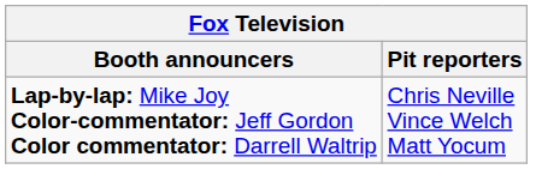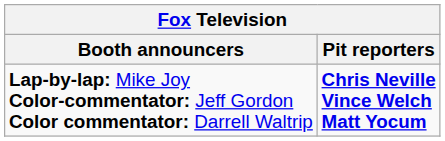 <table class="wikitable" style="font-size: 95%">
 <tr>
 <th colspan="2"><a href='#'>Fox</a> Television</th>
 </tr>
 <tr>
 <th>Booth announcers</th>
 <th>Pit reporters</th>
 </tr>
 <tr>
 <td><strong>Lap-by-lap:</strong> <a href='#'>Mike Joy</a><br><strong>Color-commentator:</strong> <a href='#'>Jeff Gordon</a><br><strong>Color commentator:</strong> <a href='#'>Darrell Waltrip</a></td>
-<td><a href='#'>Chris Neville</a><br><a href='#'>Vince Welch</a><br><a href='#'>Matt Yocum</a></td>
+<td><strong><a href='#'>Chris Neville</a><br><a href='#'>Vince Welch</a><br><a href='#'>Matt Yocum</a></strong></td>
 </tr>
 </table>
